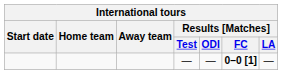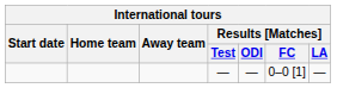 <table class="wikitable">
 <tr>
 <th colspan="7">International tours</th>
 </tr>
 <tr>
 <th rowspan="2">Start date</th>
 <th rowspan="2">Home team</th>
 <th rowspan="2">Away team</th>
 <th colspan="4">Results [Matches]</th>
 </tr>
 <tr>
 <th><a href='#'>Test</a></th>
 <th><a href='#'>ODI</a></th>
 <th><a href='#'>FC</a></th>
 <th><a href='#'>LA</a></th>
 </tr>
 <tr>
 <td><a href='#'></a></td>
 <td></td>
 <td></td>
 <td ; style="text-align:center">—</td>
 <td ; style="text-align:center">—</td>
-<td><strong>0–0 [1]</strong></td>
+<td>0–0 [1]</td>
 <td ; style="text-align:center">—</td>
 </tr>
 </table>
